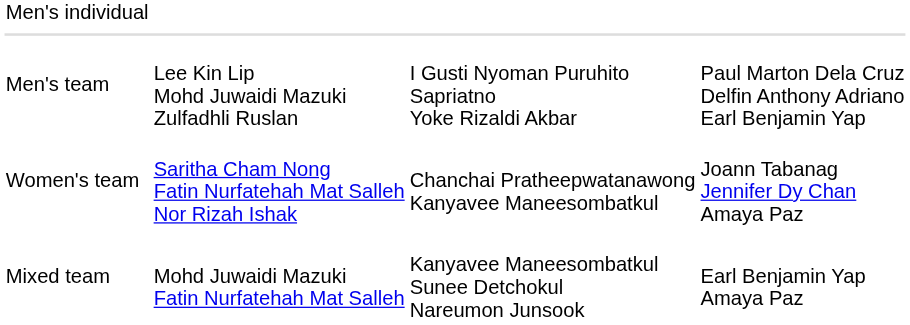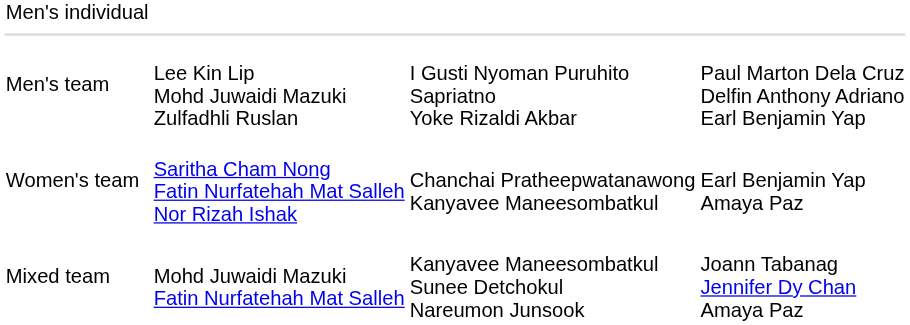 <table>
 <tr>
 <td>Men's individual</td>
 <td></td>
 <td></td>
 <td></td>
 </tr>
 <tr>
 <td></td>
 <td></td>
 <td></td>
 <td></td>
 </tr>
 <tr style="background:#dddddd;">
 <td colspan=7></td>
 </tr>
 <tr>
 <td>Men's team</td>
 <td><br>Lee Kin Lip<br>Mohd Juwaidi Mazuki<br>Zulfadhli Ruslan</td>
 <td><br>I Gusti Nyoman Puruhito<br>Sapriatno<br>Yoke Rizaldi Akbar</td>
 <td nowrap><br>Paul Marton Dela Cruz<br>Delfin Anthony Adriano<br>Earl Benjamin Yap</td>
 </tr>
 <tr>
 <td>Women's team</td>
 <td><br><a href='#'>Saritha Cham Nong</a><br><a href='#'>Fatin Nurfatehah Mat Salleh</a><br><a href='#'>Nor Rizah Ishak</a></td>
 <td nowrap><br>Chanchai Pratheepwatanawong<br>Kanyavee Maneesombatkul</td>
-<td><br>Joann Tabanag<br><a href='#'>Jennifer Dy Chan</a><br>Amaya Paz</td>
+<td><br>Earl Benjamin Yap<br>Amaya Paz</td>
 </tr>
 <tr>
 <td>Mixed team</td>
 <td nowrap><br>Mohd Juwaidi Mazuki<br><a href='#'>Fatin Nurfatehah Mat Salleh</a></td>
 <td><br>Kanyavee Maneesombatkul<br>Sunee Detchokul<br>Nareumon Junsook</td>
-<td><br>Earl Benjamin Yap<br>Amaya Paz</td>
+<td><br>Joann Tabanag<br><a href='#'>Jennifer Dy Chan</a><br>Amaya Paz</td>
 </tr>
 </table>
